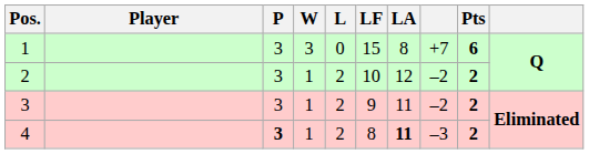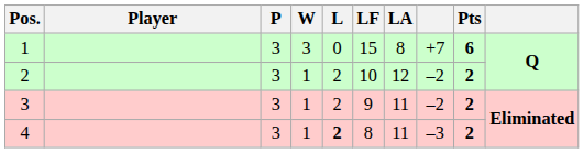 <table class="wikitable" style="text-align:center; margin: 1em auto 1em auto, align:left">
 <tr>
 <th width=20>Pos.</th>
 <th width=185>Player</th>
 <th width=20>P</th>
 <th width=20>W</th>
 <th width=20>L</th>
 <th width=20>LF</th>
 <th width=20>LA</th>
 <th width=25></th>
 <th width=20>Pts</th>
 <th width=70></th>
 </tr>
 <tr style="background:#CCFFCC;"->
 <td>1</td>
 <td style="text-align:left"></td>
 <td>3</td>
 <td>3</td>
 <td>0</td>
 <td>15</td>
 <td>8</td>
 <td>+7</td>
 <td><strong>6</strong></td>
 <td rowspan=2><strong>Q</strong></td>
 </tr>
 <tr style="background:#CCFFCC;">
 <td>2</td>
 <td style="text-align:left"></td>
 <td>3</td>
 <td>1</td>
 <td>2</td>
 <td>10</td>
 <td>12</td>
 <td>–2</td>
 <td><strong>2</strong></td>
 </tr>
 <tr style="background:#FFccCC;">
 <td>3</td>
 <td style="text-align:left"></td>
 <td>3</td>
 <td>1</td>
 <td>2</td>
 <td>9</td>
 <td>11</td>
 <td>–2</td>
 <td><strong>2</strong></td>
 <td rowspan=2><strong>Eliminated</strong></td>
 </tr>
 <tr style="background:#FFccCC;">
 <td>4</td>
 <td style="text-align:left"></td>
-<td><strong>3</strong></td>
+<td>3</td>
 <td>1</td>
-<td>2</td>
+<td><strong>2</strong></td>
 <td>8</td>
-<td><strong>11</strong></td>
+<td>11</td>
 <td>–3</td>
 <td><strong>2</strong></td>
 </tr>
 </table>
